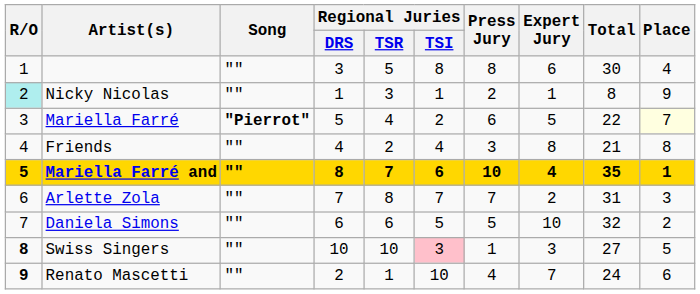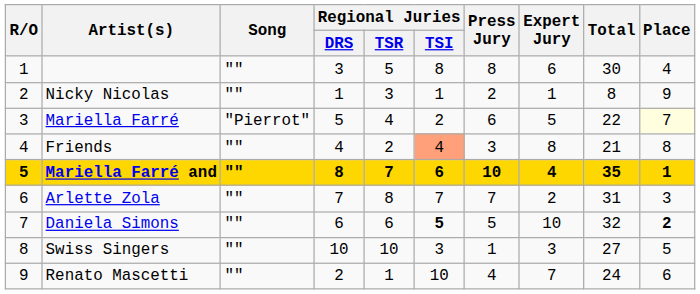 <table class="sortable wikitable" style="margin: 1em auto 1em auto; text-align:center">
 <tr>
 <th rowspan="2">R/O</th>
 <th rowspan="2">Artist(s)</th>
 <th rowspan="2">Song</th>
 <th colspan="3">Regional Juries</th>
 <th rowspan="2">Press<br>Jury</th>
 <th rowspan="2">Expert<br>Jury</th>
 <th rowspan="2">Total</th>
 <th rowspan="2">Place</th>
 </tr>
 <tr>
 <th><a href='#'>DRS</a></th>
 <th><a href='#'>TSR</a></th>
 <th><a href='#'>TSI</a></th>
 </tr>
 <tr>
 <td>1</td>
 <td align="left"></td>
 <td align="left">""</td>
 <td>3</td>
 <td>5</td>
 <td>8</td>
 <td>8</td>
 <td>6</td>
 <td>30</td>
 <td>4</td>
 </tr>
 <tr>
-<td style="background: paleturquoise;">2</td>
+<td>2</td>
 <td align="left">Nicky Nicolas</td>
 <td align="left">""</td>
 <td>1</td>
 <td>3</td>
 <td>1</td>
 <td>2</td>
 <td>1</td>
 <td>8</td>
 <td>9</td>
 </tr>
 <tr>
 <td>3</td>
 <td align="left"><a href='#'>Mariella Farré</a></td>
-<td align="left"><strong>"Pierrot"</strong></td>
+<td align="left">"Pierrot"</td>
 <td>5</td>
 <td>4</td>
 <td>2</td>
 <td>6</td>
 <td>5</td>
 <td>22</td>
 <td style="background: lightyellow;">7</td>
 </tr>
 <tr>
 <td>4</td>
 <td align="left">Friends</td>
 <td align="left">""</td>
 <td>4</td>
 <td>2</td>
-<td>4</td>
+<td style="background: lightsalmon;">4</td>
 <td>3</td>
 <td>8</td>
 <td>21</td>
 <td>8</td>
 </tr>
 <tr style="font-weight:bold; background:gold;">
 <td>5</td>
 <td align="left"><a href='#'>Mariella Farré</a> and </td>
 <td align="left">""</td>
 <td>8</td>
 <td>7</td>
 <td>6</td>
 <td>10</td>
 <td>4</td>
 <td>35</td>
 <td>1</td>
 </tr>
 <tr>
 <td>6</td>
 <td align="left"><a href='#'>Arlette Zola</a></td>
 <td align="left">""</td>
 <td>7</td>
 <td>8</td>
 <td>7</td>
 <td>7</td>
 <td>2</td>
 <td>31</td>
 <td>3</td>
 </tr>
 <tr>
 <td>7</td>
 <td align="left"><a href='#'>Daniela Simons</a></td>
 <td align="left">""</td>
 <td>6</td>
 <td>6</td>
-<td>5</td>
+<td><strong>5</strong></td>
 <td>5</td>
 <td>10</td>
 <td>32</td>
-<td>2</td>
+<td><strong>2</strong></td>
 </tr>
 <tr>
-<td><strong>8</strong></td>
+<td>8</td>
 <td align="left">Swiss Singers</td>
 <td align="left">""</td>
 <td>10</td>
 <td>10</td>
-<td style="background: pink;">3</td>
+<td>3</td>
 <td>1</td>
 <td>3</td>
 <td>27</td>
 <td>5</td>
 </tr>
 <tr>
-<td><strong>9</strong></td>
+<td>9</td>
 <td align="left">Renato Mascetti</td>
 <td align="left">""</td>
 <td>2</td>
 <td>1</td>
 <td>10</td>
 <td>4</td>
 <td>7</td>
 <td>24</td>
 <td>6</td>
 </tr>
 </table>
